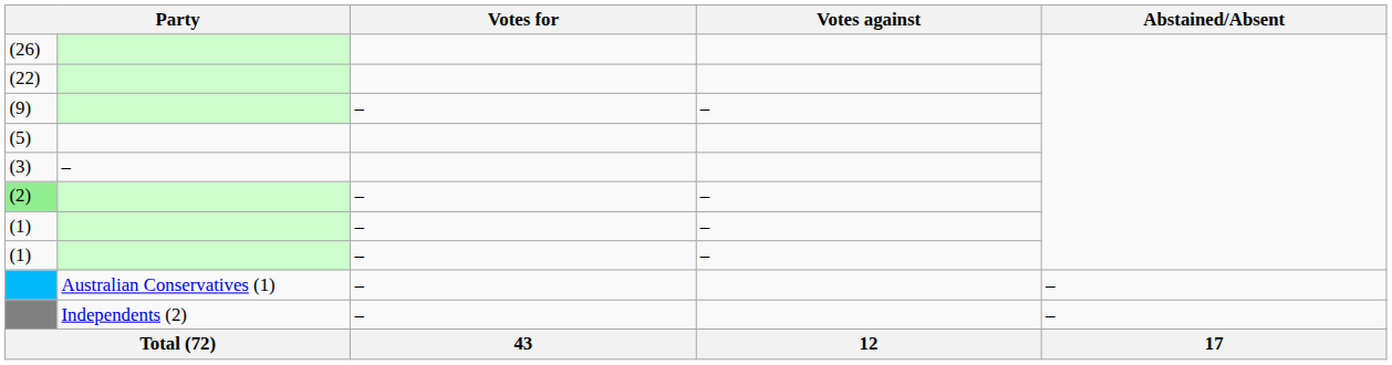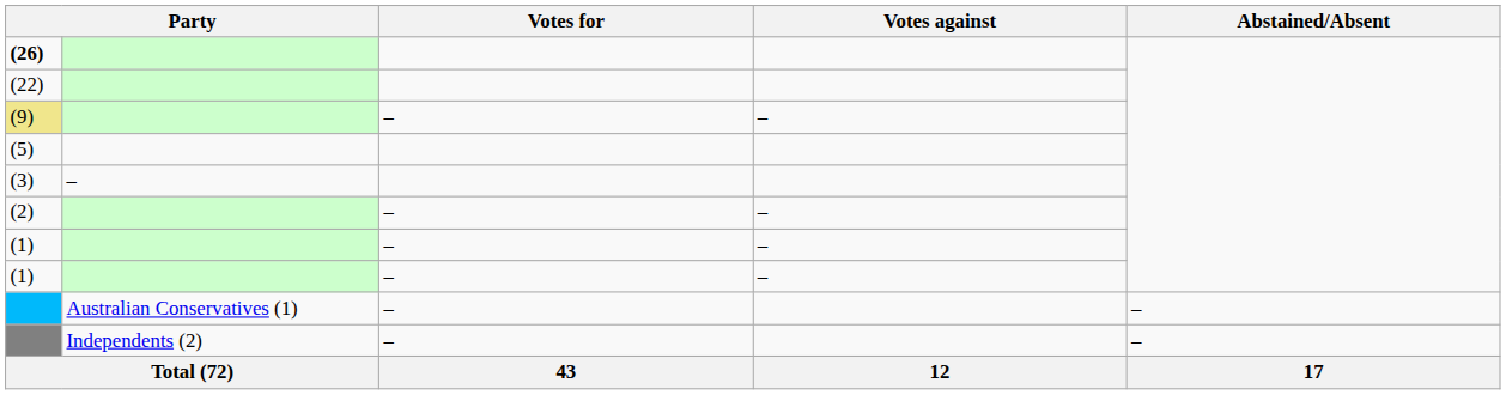 <table class="wikitable" style="width:60%">
 <tr>
 <th style="width:20%;" colspan="2">Party</th>
 <th style="width:20%;">Votes for</th>
 <th style="width:20%;">Votes against</th>
 <th style="width:20%;">Abstained/Absent</th>
 </tr>
 <tr>
-<td> (26)</td>
+<td><strong> (26)</strong></td>
 <td style="background-color:#CCFFCC;"></td>
 <td></td>
 <td></td>
 </tr>
 <tr>
 <td> (22)</td>
 <td style="background-color:#CCFFCC;"></td>
 <td></td>
 <td></td>
 </tr>
 <tr>
-<td> (9)</td>
+<td style="background: khaki;"> (9)</td>
 <td style="background-color:#CCFFCC;"></td>
 <td>–</td>
 <td>–</td>
 </tr>
 <tr>
 <td> (5)</td>
 <td></td>
 <td></td>
 <td></td>
 </tr>
 <tr>
 <td> (3)</td>
 <td>–</td>
 <td></td>
 <td></td>
 </tr>
 <tr>
-<td style="background: lightgreen;"> (2)</td>
+<td> (2)</td>
 <td style="background-color:#CCFFCC;"></td>
 <td>–</td>
 <td>–</td>
 </tr>
 <tr>
 <td> (1)</td>
 <td style="background-color:#CCFFCC;"></td>
 <td>–</td>
 <td>–</td>
 </tr>
 <tr>
 <td> (1)</td>
 <td style="background-color:#CCFFCC;"></td>
 <td>–</td>
 <td>–</td>
 </tr>
 <tr>
 <td style="background:#00B9FB;"></td>
 <td align=left><a href='#'>Australian Conservatives</a> (1)</td>
 <td>–</td>
 <td></td>
 <td>–</td>
 </tr>
 <tr>
 <td style="background:grey;"></td>
 <td align=left><a href='#'>Independents</a> (2)</td>
 <td>–</td>
 <td></td>
 <td>–</td>
 </tr>
 <tr>
 <th colspan=2>Total (72)</th>
 <th>43</th>
 <th>12</th>
 <th>17</th>
 </tr>
 </table>
